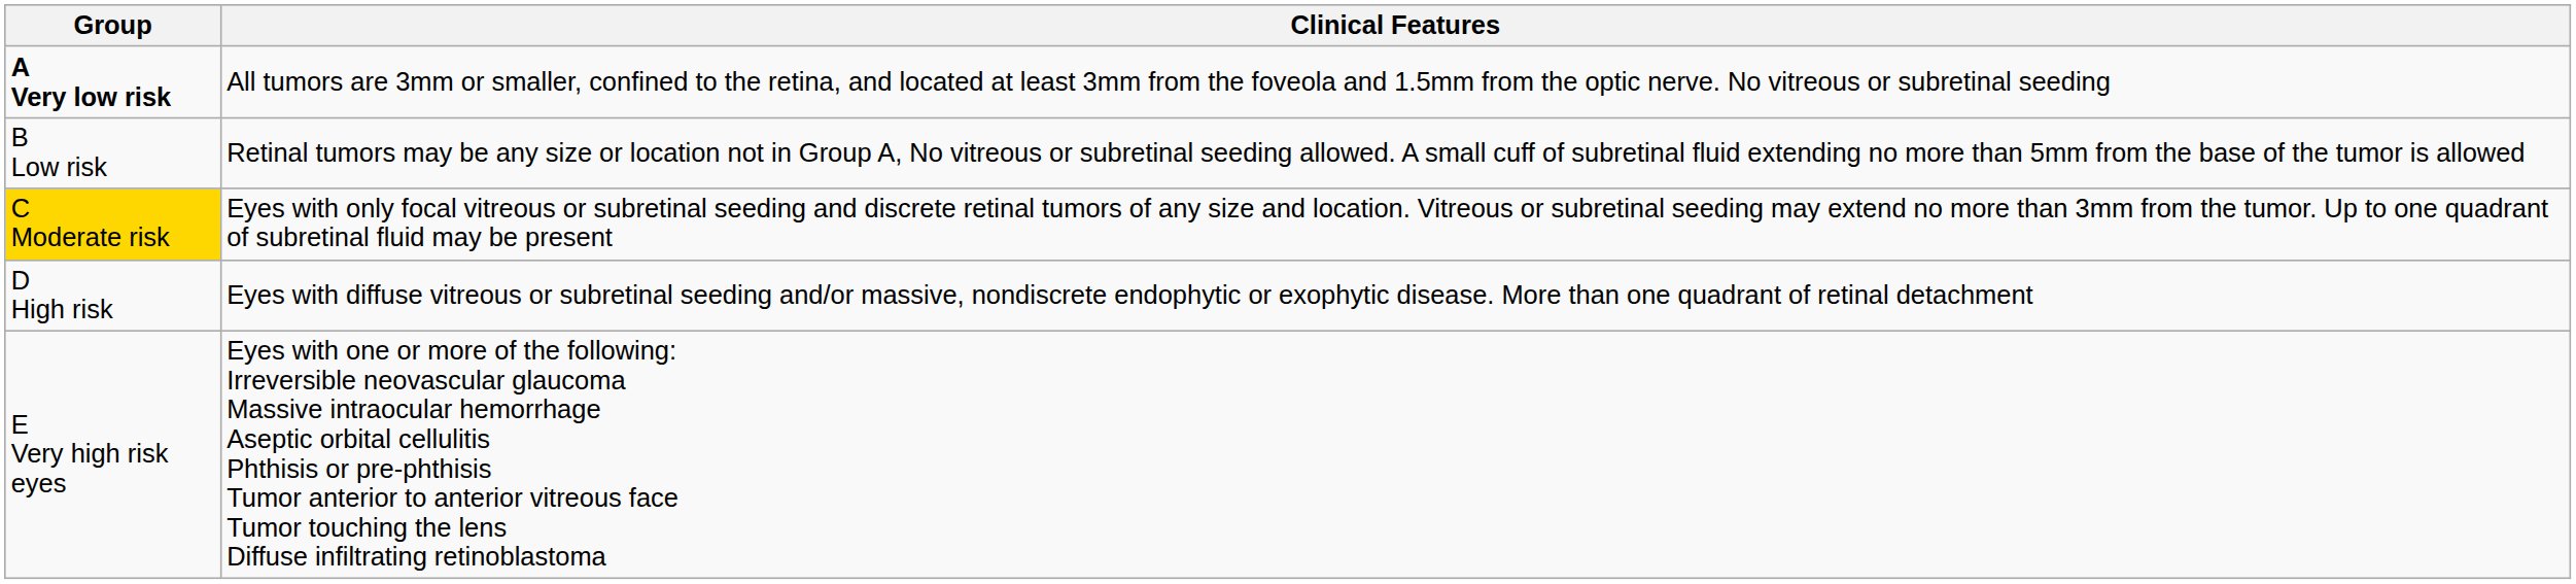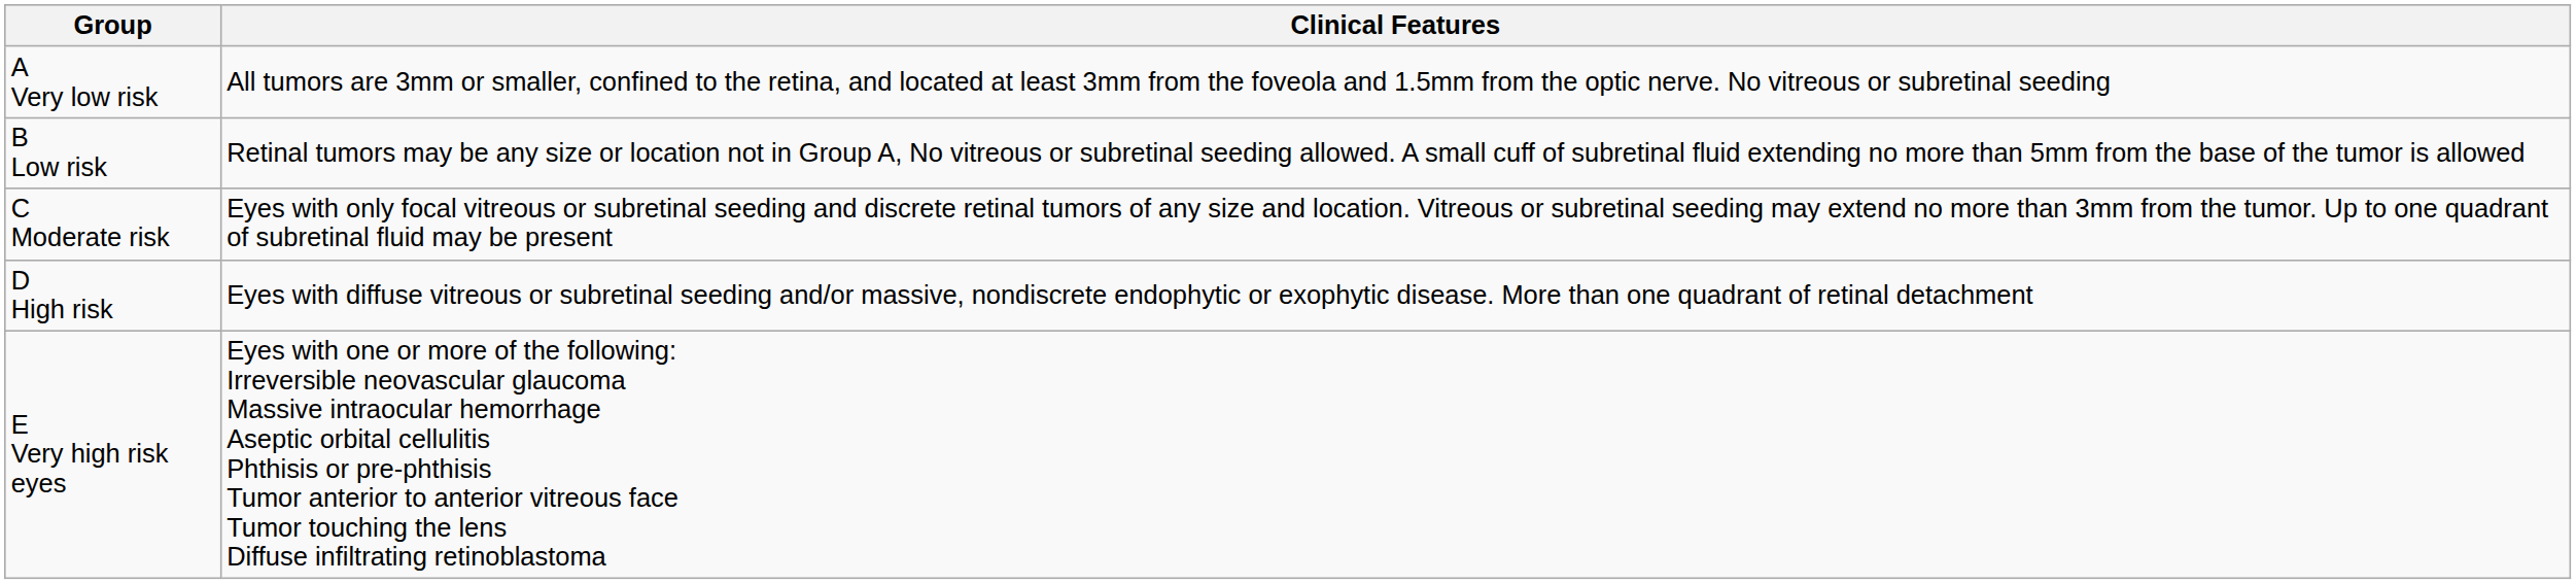 <table class="wikitable">
 <tr>
 <th>Group</th>
 <th>Clinical Features</th>
 </tr>
 <tr>
-<td><strong>A<br>Very low risk</strong></td>
+<td>A<br>Very low risk</td>
 <td>All tumors are 3mm or smaller, confined to the retina, and located at least 3mm from the foveola and 1.5mm from the optic nerve. No vitreous or subretinal seeding</td>
 </tr>
 <tr>
 <td>B<br>Low risk</td>
 <td>Retinal tumors may be any size or location not in Group A, No vitreous or subretinal seeding allowed. A small cuff of subretinal fluid extending no more than 5mm from the base of the tumor is allowed</td>
 </tr>
 <tr>
-<td style="background: gold;">C<br>Moderate risk</td>
+<td>C<br>Moderate risk</td>
 <td>Eyes with only focal vitreous or subretinal seeding and discrete retinal tumors of any size and location. Vitreous or subretinal seeding may extend no more than 3mm from the tumor. Up to one quadrant of subretinal fluid may be present</td>
 </tr>
 <tr>
 <td>D<br>High risk</td>
 <td>Eyes with diffuse vitreous or subretinal seeding and/or massive, nondiscrete endophytic or exophytic disease. More than one quadrant of retinal detachment</td>
 </tr>
 <tr>
 <td>E<br>Very high risk eyes</td>
 <td>Eyes with one or more of the following:<br>Irreversible neovascular glaucoma<br>Massive intraocular hemorrhage<br>Aseptic orbital cellulitis<br>Phthisis or pre-phthisis<br>Tumor anterior to anterior vitreous face<br>Tumor touching the lens<br>Diffuse infiltrating retinoblastoma</td>
 </tr>
 </table>
